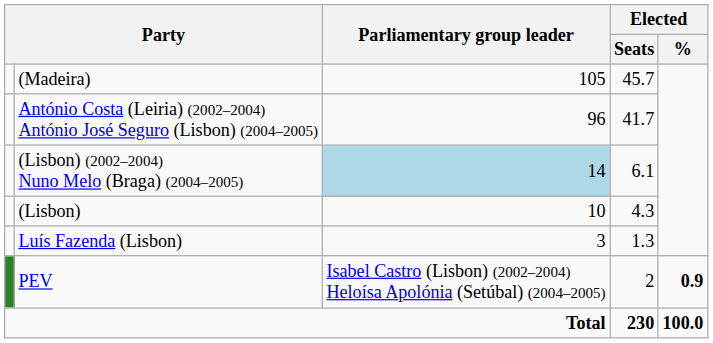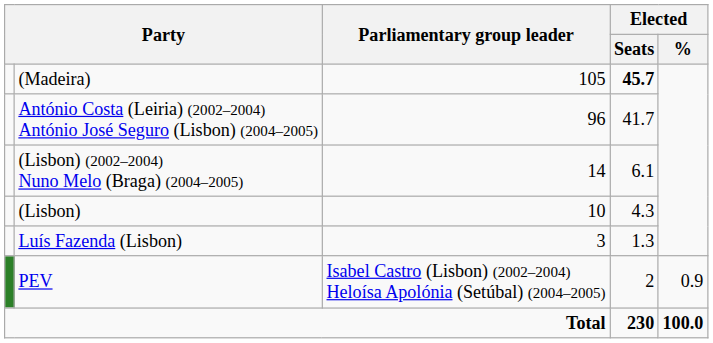 <table class="wikitable" style="text-align:right; font-size:95%;">
 <tr>
 <th colspan="2" rowspan="2">Party</th>
 <th rowspan="2">Parliamentary group leader</th>
 <th colspan="2">Elected</th>
 </tr>
 <tr>
 <th>Seats</th>
 <th>%</th>
 </tr>
 <tr>
 <td></td>
 <td align="left"> (Madeira)</td>
 <td align="right">105</td>
-<td align="right">45.7</td>
+<td align="right"><strong>45.7</strong></td>
 </tr>
 <tr>
 <td></td>
 <td align="left"><a href='#'>António Costa</a> (Leiria) <small>(2002–2004)</small><br><a href='#'>António José Seguro</a> (Lisbon) <small>(2004–2005)</small></td>
 <td align="right">96</td>
 <td align="right">41.7</td>
 </tr>
 <tr>
 <td></td>
 <td align="left"> (Lisbon) <small>(2002–2004)</small><br><a href='#'>Nuno Melo</a> (Braga) <small>(2004–2005)</small></td>
-<td align="right" style="background: lightblue;">14</td>
+<td align="right">14</td>
 <td align="right">6.1</td>
 </tr>
 <tr>
 <td></td>
 <td align="left"> (Lisbon)</td>
 <td align="right">10</td>
 <td align="right">4.3</td>
 </tr>
 <tr>
 <td></td>
 <td align="left"><a href='#'>Luís Fazenda</a> (Lisbon)</td>
 <td align="right">3</td>
 <td align="right">1.3</td>
 </tr>
 <tr>
 <td style="width:1px; background:#2C8028; text-align:center;"></td>
 <td style="text-align:left;"><a href='#'>PEV</a></td>
 <td align="left"><a href='#'>Isabel Castro</a> (Lisbon) <small>(2002–2004)</small><br><a href='#'>Heloísa Apolónia</a> (Setúbal) <small>(2004–2005)</small></td>
 <td align="right">2</td>
-<td align="right"><strong>0.9</strong></td>
+<td align="right">0.9</td>
 </tr>
 <tr>
 <td colspan="3"> <strong>Total</strong></td>
 <td align="right"><strong>230</strong></td>
 <td align="right"><strong>100.0</strong></td>
 </tr>
 </table>
